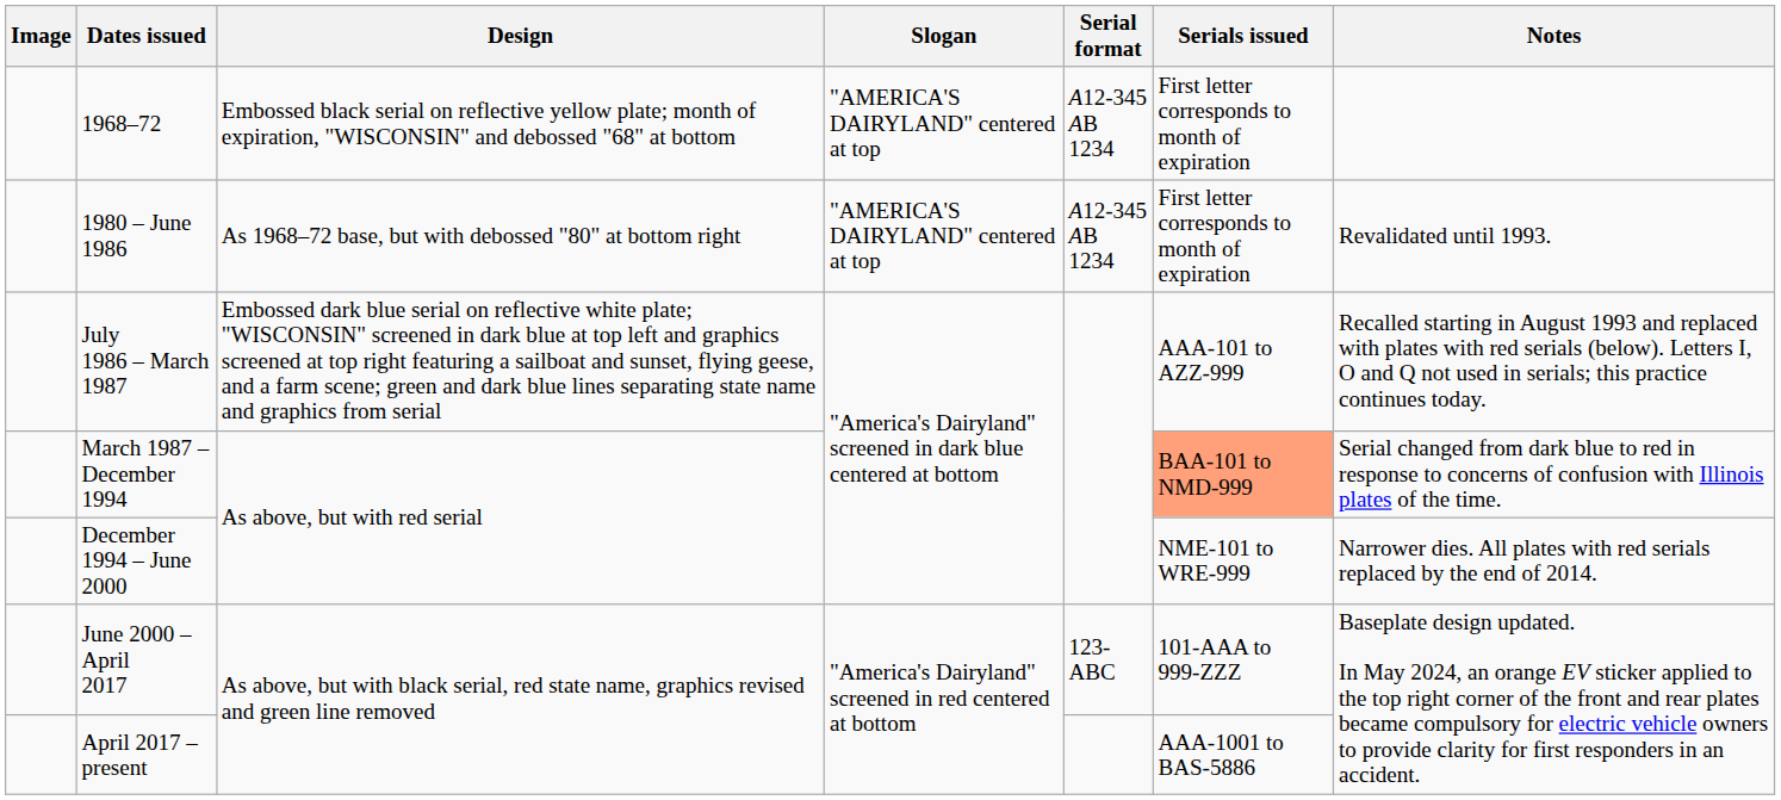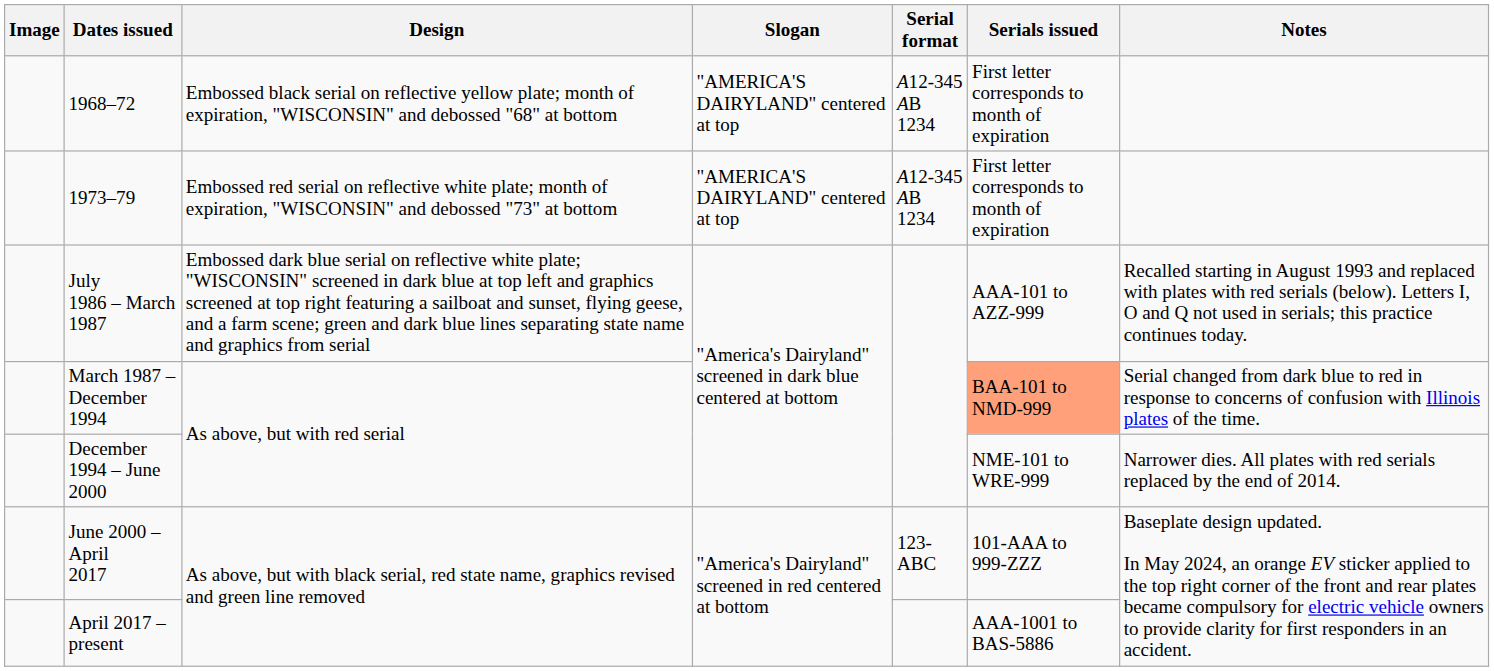 <table class="wikitable">
 <tr>
 <th>Image</th>
 <th>Dates issued</th>
 <th>Design</th>
 <th>Slogan</th>
 <th>Serial format</th>
 <th>Serials issued</th>
 <th>Notes</th>
 </tr>
 <tr>
 <td></td>
 <td>1968–72</td>
 <td>Embossed black serial on reflective yellow plate; month of expiration, "WISCONSIN" and debossed "68" at bottom</td>
 <td>"AMERICA'S DAIRYLAND" centered at top</td>
 <td><em>A</em>12-345<br><em>A</em>B 1234</td>
 <td>First letter corresponds to month of expiration</td>
 <td></td>
 </tr>
 <tr>
 <td></td>
-<td>1980 – June<br>1986</td>
-<td>As 1968–72 base, but with debossed "80" at bottom right</td>
+<td>1973–79</td>
+<td>Embossed red serial on reflective white plate; month of expiration, "WISCONSIN" and debossed "73" at bottom</td>
 <td>"AMERICA'S DAIRYLAND" centered at top</td>
 <td><em>A</em>12-345<br><em>A</em>B 1234</td>
 <td>First letter corresponds to month of expiration</td>
-<td>Revalidated until 1993.</td>
+<td></td>
 </tr>
 <tr>
 <td></td>
 <td>July<br>1986 – March 1987</td>
 <td>Embossed dark blue serial on reflective white plate; "WISCONSIN" screened in dark blue at top left and graphics screened at top right featuring a sailboat and sunset, flying geese, and a farm scene; green and dark blue lines separating state name and graphics from serial</td>
 <td rowspan="3">"America's Dairyland" screened in dark blue centered at bottom</td>
 <td rowspan="3"></td>
 <td>AAA-101 to<br>AZZ-999</td>
 <td>Recalled starting in August 1993 and replaced with plates with red serials (below). Letters I, O and Q not used in serials; this practice continues today.</td>
 </tr>
 <tr>
 <td></td>
 <td>March 1987 – December 1994</td>
 <td rowspan="2">As above, but with red serial</td>
 <td style="background: lightsalmon;">BAA-101 to NMD-999</td>
 <td>Serial changed from dark blue to red in response to concerns of confusion with <a href='#'>Illinois plates</a> of the time.</td>
 </tr>
 <tr>
 <td></td>
 <td>December 1994 – June<br>2000</td>
 <td>NME-101 to WRE-999</td>
 <td>Narrower dies. All plates with red serials replaced by the end of 2014.</td>
 </tr>
 <tr>
 <td></td>
 <td>June 2000 – April<br>2017</td>
 <td rowspan="2">As above, but with black serial, red state name, graphics revised and green line removed</td>
 <td rowspan="2">"America's Dairyland" screened in red centered at bottom</td>
 <td>123-ABC</td>
 <td>101-AAA to<br>999-ZZZ</td>
 <td rowspan="2">Baseplate design updated.<br><br> In May 2024, an orange <em>EV</em> sticker applied to the top right corner of the front and rear plates became compulsory for <a href='#'>electric vehicle</a> owners to provide clarity for first responders in an accident.</td>
 </tr>
 <tr>
 <td></td>
 <td>April 2017 – present</td>
 <td></td>
 <td>AAA-1001 to BAS-5886 </td>
 </tr>
 </table>
